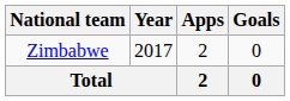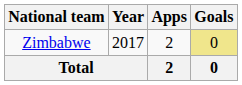 <table class="wikitable" style="text-align:center">
 <tr>
 <th>National team</th>
 <th>Year</th>
 <th>Apps</th>
 <th>Goals</th>
 </tr>
 <tr>
 <td rowspan="1"><a href='#'>Zimbabwe</a></td>
 <td>2017</td>
 <td>2</td>
-<td>0</td>
+<td style="background: khaki;">0</td>
 </tr>
 <tr>
 <th colspan=2>Total</th>
 <th>2</th>
 <th>0</th>
 </tr>
 </table>
